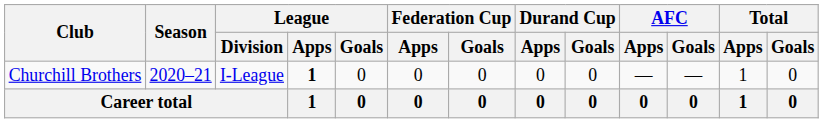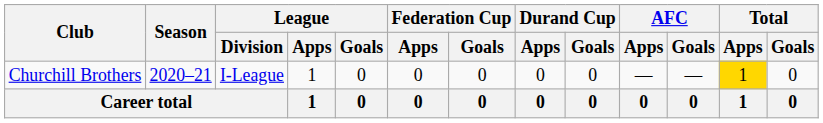 <table class="wikitable" style="text-align:center">
 <tr>
 <th rowspan="2">Club</th>
 <th rowspan="2">Season</th>
 <th colspan="3">League</th>
 <th colspan="2">Federation Cup</th>
 <th colspan="2">Durand Cup</th>
 <th colspan="2"><a href='#'>AFC</a></th>
 <th colspan="2">Total</th>
 </tr>
 <tr>
 <th>Division</th>
 <th>Apps</th>
 <th>Goals</th>
 <th>Apps</th>
 <th>Goals</th>
 <th>Apps</th>
 <th>Goals</th>
 <th>Apps</th>
 <th>Goals</th>
 <th>Apps</th>
 <th>Goals</th>
 </tr>
 <tr>
 <td><a href='#'>Churchill Brothers</a></td>
 <td><a href='#'>2020–21</a></td>
 <td><a href='#'>I-League</a></td>
-<td><strong>1</strong></td>
+<td>1</td>
 <td>0</td>
 <td>0</td>
 <td>0</td>
 <td>0</td>
 <td>0</td>
 <td>—</td>
 <td>—</td>
-<td>1</td>
+<td style="background: gold;">1</td>
 <td>0</td>
 </tr>
 <tr>
 <th colspan="3">Career total</th>
 <th>1</th>
 <th>0</th>
 <th>0</th>
 <th>0</th>
 <th>0</th>
 <th>0</th>
 <th>0</th>
 <th>0</th>
 <th>1</th>
 <th>0</th>
 </tr>
 </table>
